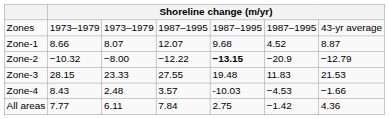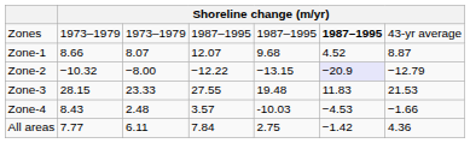 <table class="wikitable">
 <tr>
 <th></th>
 <th colspan="6">Shoreline change (m/yr)</th>
 </tr>
 <tr>
 <td>Zones</td>
 <td>1973–1979</td>
 <td>1973–1979</td>
 <td>1987–1995</td>
 <td>1987–1995</td>
-<td>1987–1995</td>
+<td><strong>1987–1995</strong></td>
 <td>43-yr average</td>
 </tr>
 <tr>
 <td>Zone-1</td>
 <td>8.66</td>
 <td>8.07</td>
 <td>12.07</td>
 <td>9.68</td>
 <td>4.52</td>
 <td>8.87</td>
 </tr>
 <tr>
 <td>Zone-2</td>
 <td>−10.32</td>
 <td>−8.00</td>
 <td>−12.22</td>
-<td><strong>−13.15</strong></td>
-<td>−20.9</td>
+<td>−13.15</td>
+<td style="background: lavender;">−20.9</td>
 <td>−12.79</td>
 </tr>
 <tr>
 <td>Zone-3</td>
 <td>28.15</td>
 <td>23.33</td>
 <td>27.55</td>
 <td>19.48</td>
 <td>11.83</td>
 <td>21.53</td>
 </tr>
 <tr>
 <td>Zone-4</td>
 <td>8.43</td>
 <td>2.48</td>
 <td>3.57</td>
 <td>-10.03</td>
 <td>−4.53</td>
 <td>−1.66</td>
 </tr>
 <tr>
 <td>All areas</td>
 <td>7.77</td>
 <td>6.11</td>
 <td>7.84</td>
 <td>2.75</td>
 <td>−1.42</td>
 <td>4.36</td>
 </tr>
 </table>
